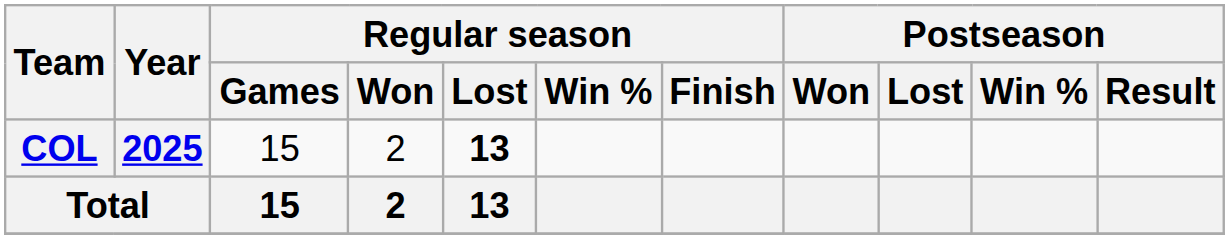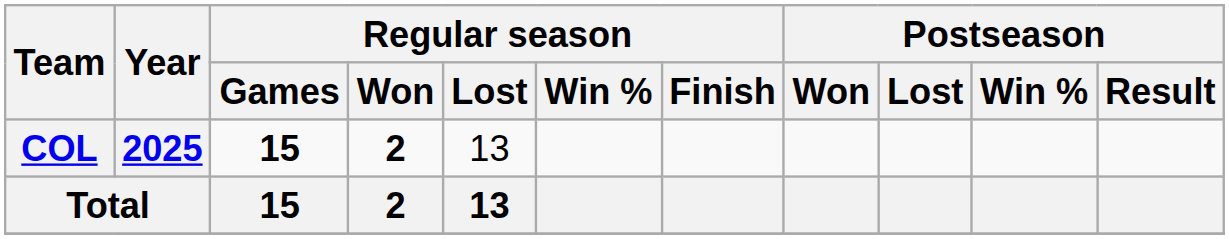 <table class="wikitable" style="font-size: 95%; text-align:center;">
 <tr>
 <th rowspan="2">Team</th>
 <th rowspan="2">Year</th>
 <th colspan="5">Regular season</th>
 <th colspan="4">Postseason</th>
 </tr>
 <tr>
 <th>Games</th>
 <th>Won</th>
 <th>Lost</th>
 <th>Win %</th>
 <th>Finish</th>
 <th>Won</th>
 <th>Lost</th>
 <th>Win %</th>
 <th>Result</th>
 </tr>
 <tr>
 <th><a href='#'>COL</a></th>
 <th><a href='#'>2025</a></th>
-<td>15</td>
-<td>2</td>
-<td><strong>13</strong></td>
+<td><strong>15</strong></td>
+<td><strong>2</strong></td>
+<td>13</td>
 <td></td>
 <td></td>
 <td></td>
 <td></td>
 <td></td>
 <td></td>
 </tr>
 <tr>
 <th colspan="2">Total</th>
 <th>15</th>
 <th>2</th>
 <th>13</th>
 <th></th>
 <th></th>
 <th></th>
 <th></th>
 <th></th>
 <th></th>
 </tr>
 <tr>
 </tr>
 </table>
